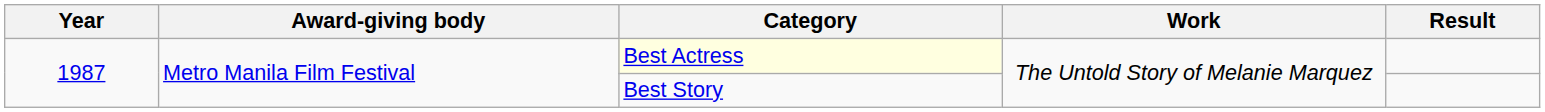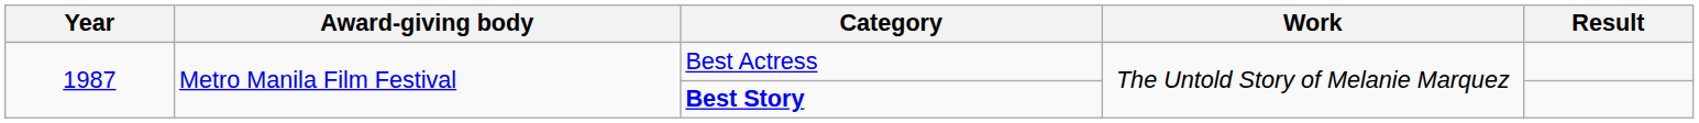 <table | width="90%" class="wikitable sortable">
 <tr>
 <th width="10%">Year</th>
 <th width="30%">Award-giving body</th>
 <th width="25%">Category</th>
 <th width="25%">Work</th>
 <th width="10%">Result</th>
 </tr>
 <tr>
 <td align="center" rowspan=2><a href='#'>1987</a></td>
 <td rowspan=2 align="left"><a href='#'>Metro Manila Film Festival</a></td>
-<td style="background: lightyellow;"><a href='#'>Best Actress</a></td>
+<td><a href='#'>Best Actress</a></td>
 <td align="center" rowspan=2><em>The Untold Story of Melanie Marquez</em></td>
 <td></td>
 </tr>
 <tr>
-<td><a href='#'>Best Story</a></td>
+<td><strong><a href='#'>Best Story</a></strong></td>
 <td></td>
 </tr>
 </table>
